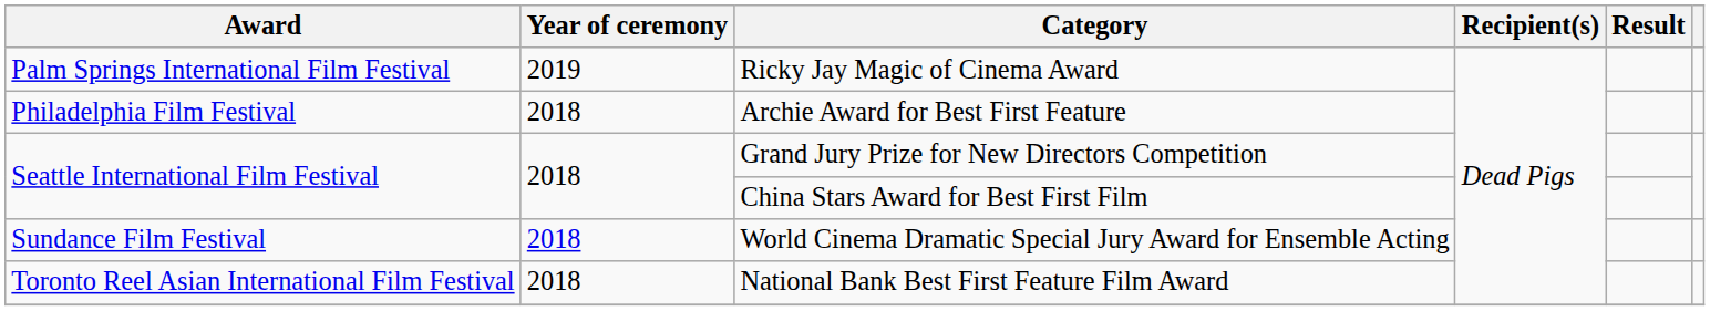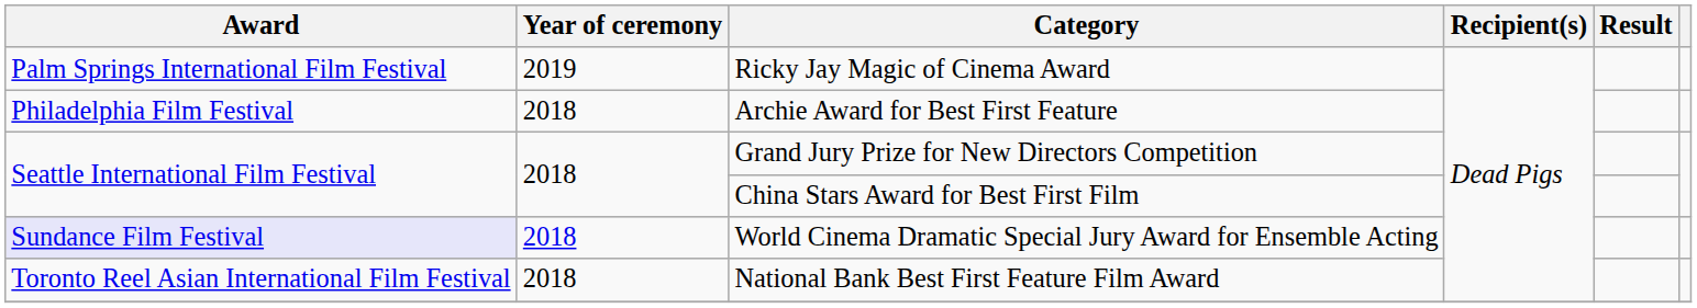 <table class="wikitable plainrowheaders sortable">
 <tr>
 <th scope="col">Award</th>
 <th scope="col">Year of ceremony</th>
 <th scope="col">Category</th>
 <th scope="col">Recipient(s)</th>
 <th scope="col">Result</th>
 <th scope="col" class="unsortable"></th>
 </tr>
 <tr>
 <td><a href='#'>Palm Springs International Film Festival</a></td>
 <td>2019</td>
 <td>Ricky Jay Magic of Cinema Award</td>
 <td rowspan="6"><em>Dead Pigs</em></td>
 <td></td>
 <td></td>
 </tr>
 <tr>
 <td><a href='#'>Philadelphia Film Festival</a></td>
 <td>2018</td>
 <td>Archie Award for Best First Feature</td>
 <td></td>
 <td></td>
 </tr>
 <tr>
 <td rowspan="2"><a href='#'>Seattle International Film Festival</a></td>
 <td rowspan="2">2018</td>
 <td>Grand Jury Prize for New Directors Competition</td>
 <td></td>
 <td rowspan="2"></td>
 </tr>
 <tr>
 <td>China Stars Award for Best First Film</td>
 <td></td>
 </tr>
 <tr>
-<td><a href='#'>Sundance Film Festival</a></td>
+<td style="background: lavender;"><a href='#'>Sundance Film Festival</a></td>
 <td><a href='#'>2018</a></td>
 <td>World Cinema Dramatic Special Jury Award for Ensemble Acting</td>
 <td></td>
 <td></td>
 </tr>
 <tr>
 <td><a href='#'>Toronto Reel Asian International Film Festival</a></td>
 <td>2018</td>
 <td>National Bank Best First Feature Film Award</td>
 <td></td>
 <td></td>
 </tr>
 <tr>
 </tr>
 </table>
